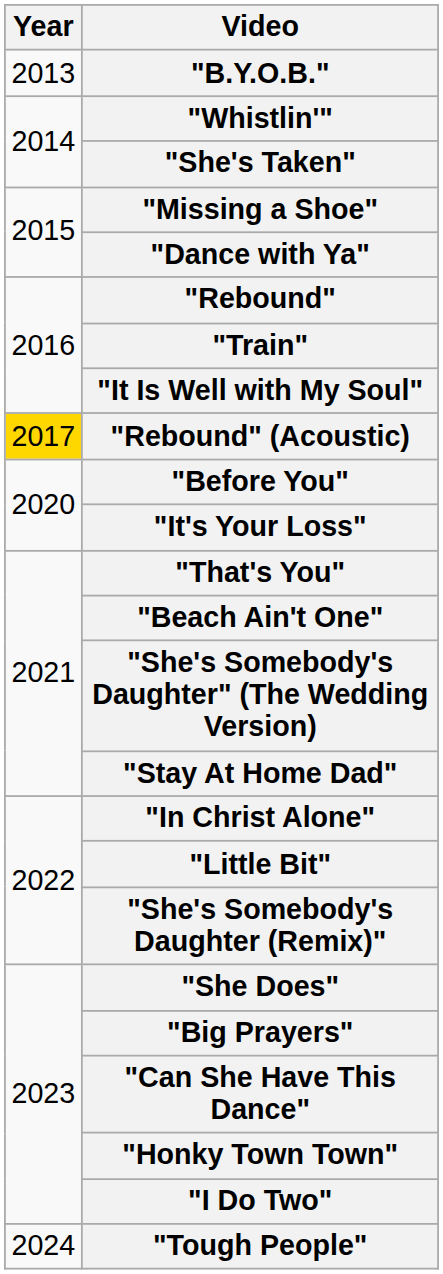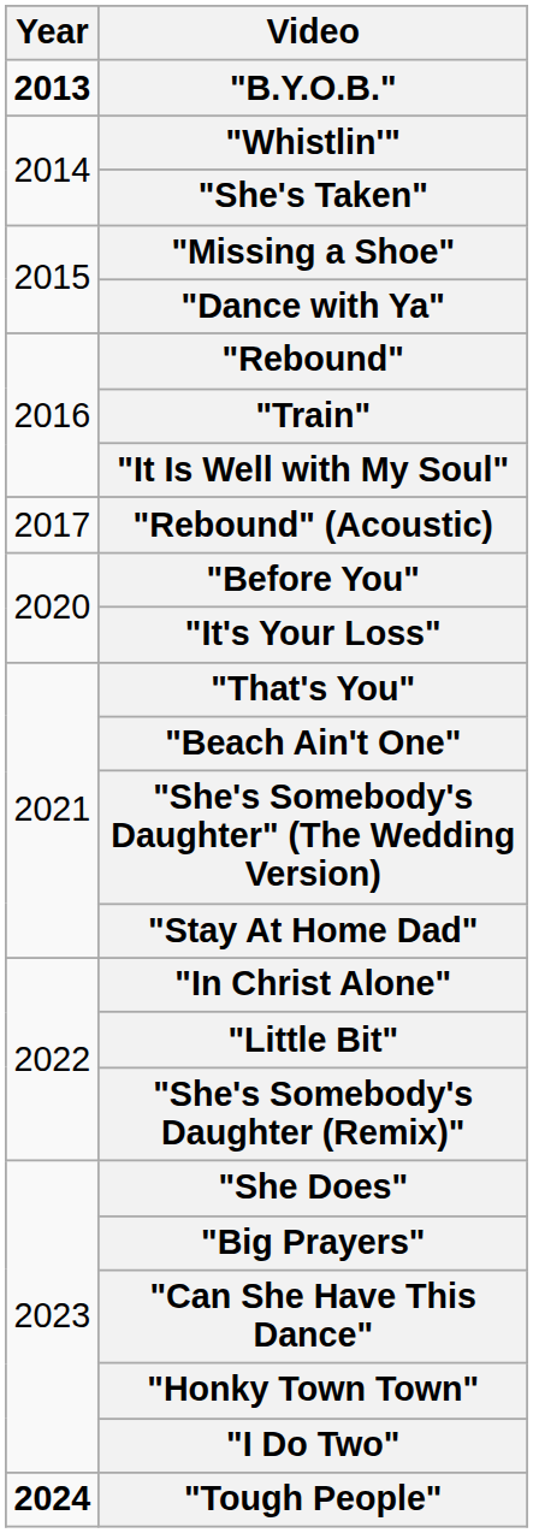 <table class="wikitable plainrowheaders">
 <tr>
 <th>Year</th>
 <th style="width:12em;">Video</th>
 </tr>
 <tr>
-<td>2013</td>
+<td><strong>2013</strong></td>
 <th scope="row">"B.Y.O.B."</th>
 </tr>
 <tr>
 <td rowspan="2">2014</td>
 <th scope="row">"Whistlin'"</th>
 </tr>
 <tr>
 <th scope="row">"She's Taken"</th>
 </tr>
 <tr>
 <td rowspan="2">2015</td>
 <th scope="row">"Missing a Shoe"</th>
 </tr>
 <tr>
 <th scope="row">"Dance with Ya"</th>
 </tr>
 <tr>
 <td rowspan="3">2016</td>
 <th scope="row">"Rebound"</th>
 </tr>
 <tr>
 <th scope="row">"Train"</th>
 </tr>
 <tr>
 <th scope="row">"It Is Well with My Soul"</th>
 </tr>
 <tr>
-<td style="background: gold;">2017</td>
+<td>2017</td>
 <th scope="row">"Rebound" (Acoustic)</th>
 </tr>
 <tr>
 <td rowspan="2">2020</td>
 <th scope="row">"Before You"</th>
 </tr>
 <tr>
 <th scope="row">"It's Your Loss"</th>
 </tr>
 <tr>
 <td rowspan="4">2021</td>
 <th scope="row">"That's You"</th>
 </tr>
 <tr>
 <th scope="row">"Beach Ain't One"</th>
 </tr>
 <tr>
 <th scope="row">"She's Somebody's Daughter" (The Wedding Version)</th>
 </tr>
 <tr>
 <th scope="row">"Stay At Home Dad"</th>
 </tr>
 <tr>
 <td rowspan="3">2022</td>
 <th scope="row">"In Christ Alone"</th>
 </tr>
 <tr>
 <th scope="row">"Little Bit"</th>
 </tr>
 <tr>
 <th scope="row">"She's Somebody's Daughter (Remix)"</th>
 </tr>
 <tr>
 <td rowspan="5">2023</td>
 <th scope="row">"She Does"</th>
 </tr>
 <tr>
 <th scope="row">"Big Prayers"</th>
 </tr>
 <tr>
 <th scope="row">"Can She Have This Dance"</th>
 </tr>
 <tr>
 <th scope="row">"Honky Town Town"</th>
 </tr>
 <tr>
 <th scope="row">"I Do Two"</th>
 </tr>
 <tr>
-<td>2024</td>
+<td><strong>2024</strong></td>
 <th scope="row">"Tough People"</th>
 </tr>
 </table>
